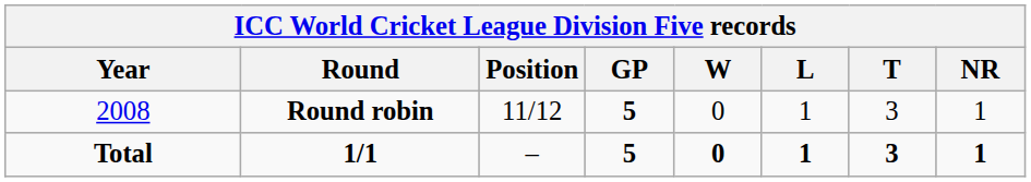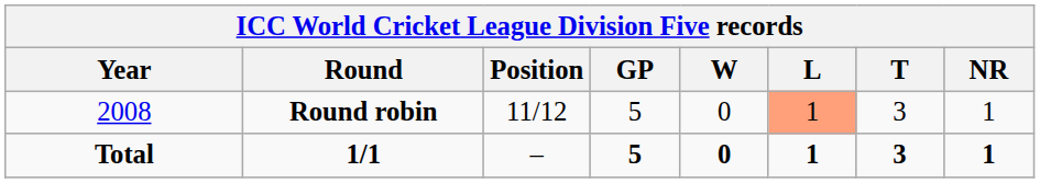 <table class="wikitable" style="text-align: center; width=900px;">
 <tr>
 <th colspan=9><a href='#'>ICC World Cricket League Division Five</a> records</th>
 </tr>
 <tr>
 <th width=150>Year</th>
 <th width=150>Round</th>
 <th width=50>Position</th>
 <th width=50>GP</th>
 <th width=50>W</th>
 <th width=50>L</th>
 <th width=50>T</th>
 <th width=50>NR</th>
 </tr>
 <tr>
 <td> <a href='#'>2008</a></td>
 <td><strong>Round robin</strong></td>
 <td>11/12</td>
-<td><strong>5</strong></td>
+<td>5</td>
 <td>0</td>
-<td>1</td>
+<td style="background: lightsalmon;">1</td>
 <td>3</td>
 <td>1</td>
 </tr>
 <tr>
 <td><strong>Total</strong></td>
 <td><strong>1/1</strong></td>
 <td>–</td>
 <td><strong>5</strong></td>
 <td><strong>0</strong></td>
 <td><strong>1</strong></td>
 <td><strong>3</strong></td>
 <td><strong>1</strong></td>
 </tr>
 </table>
